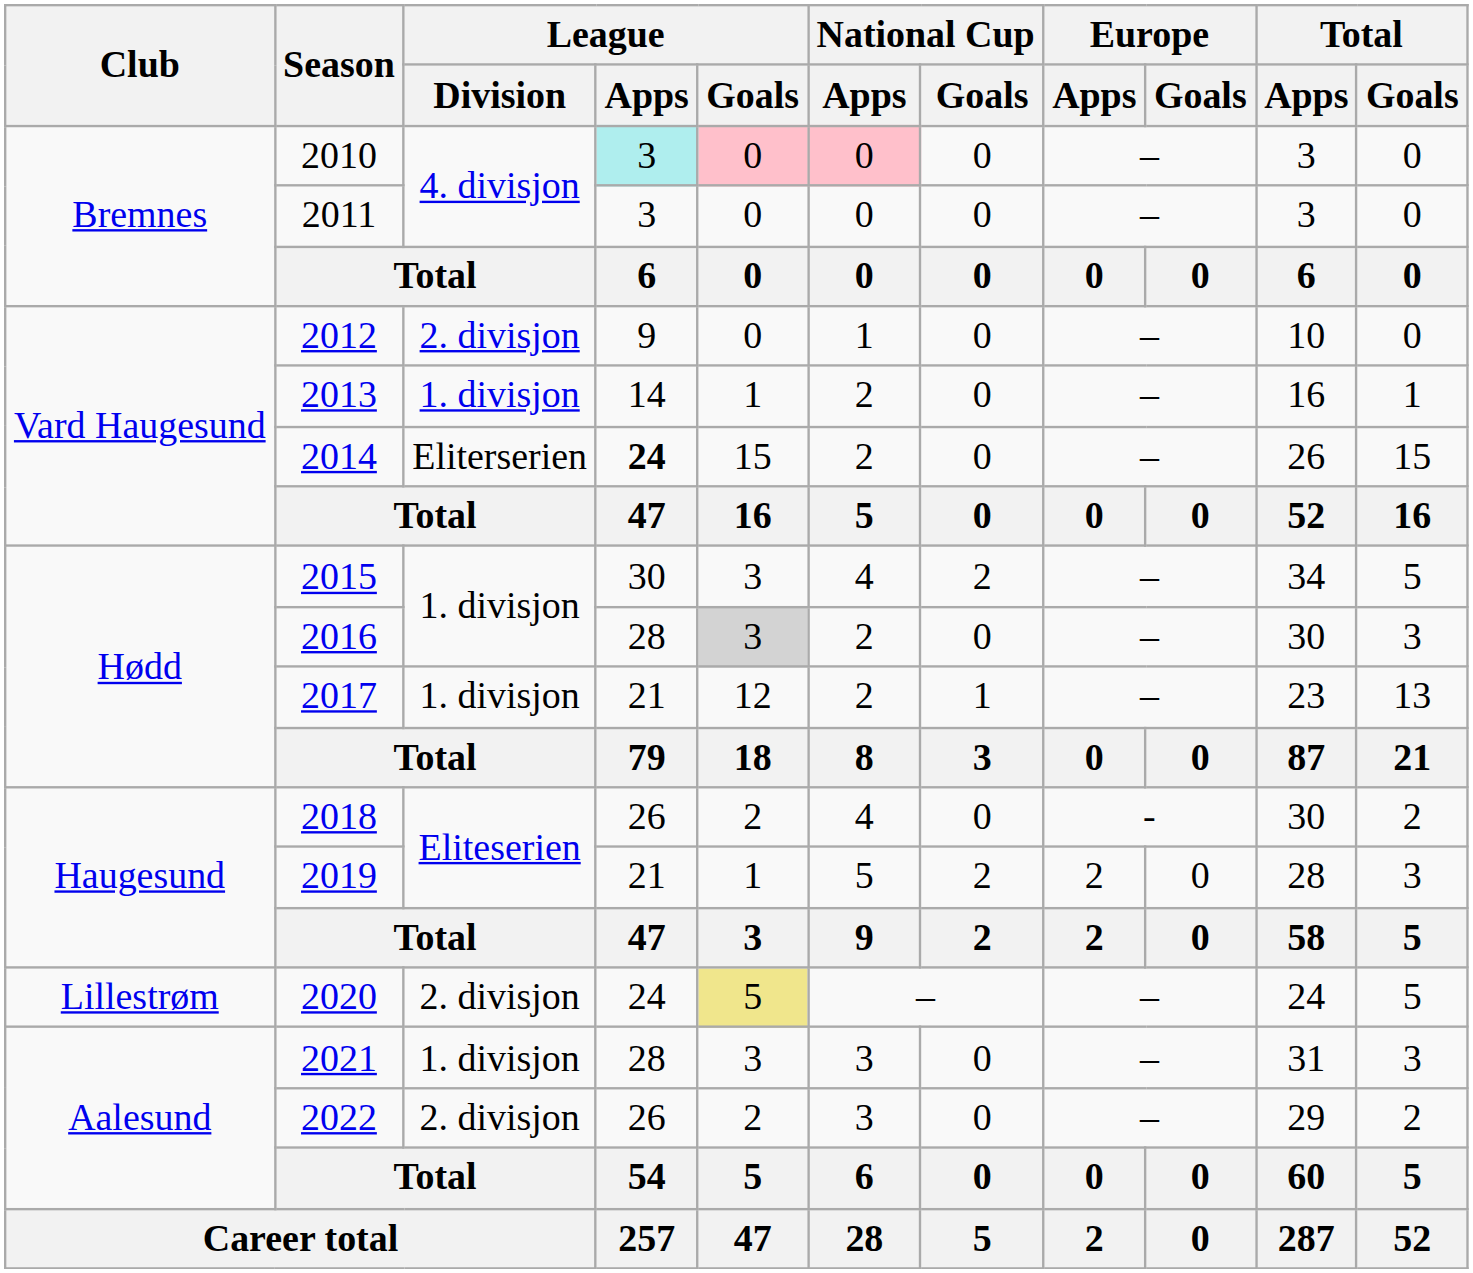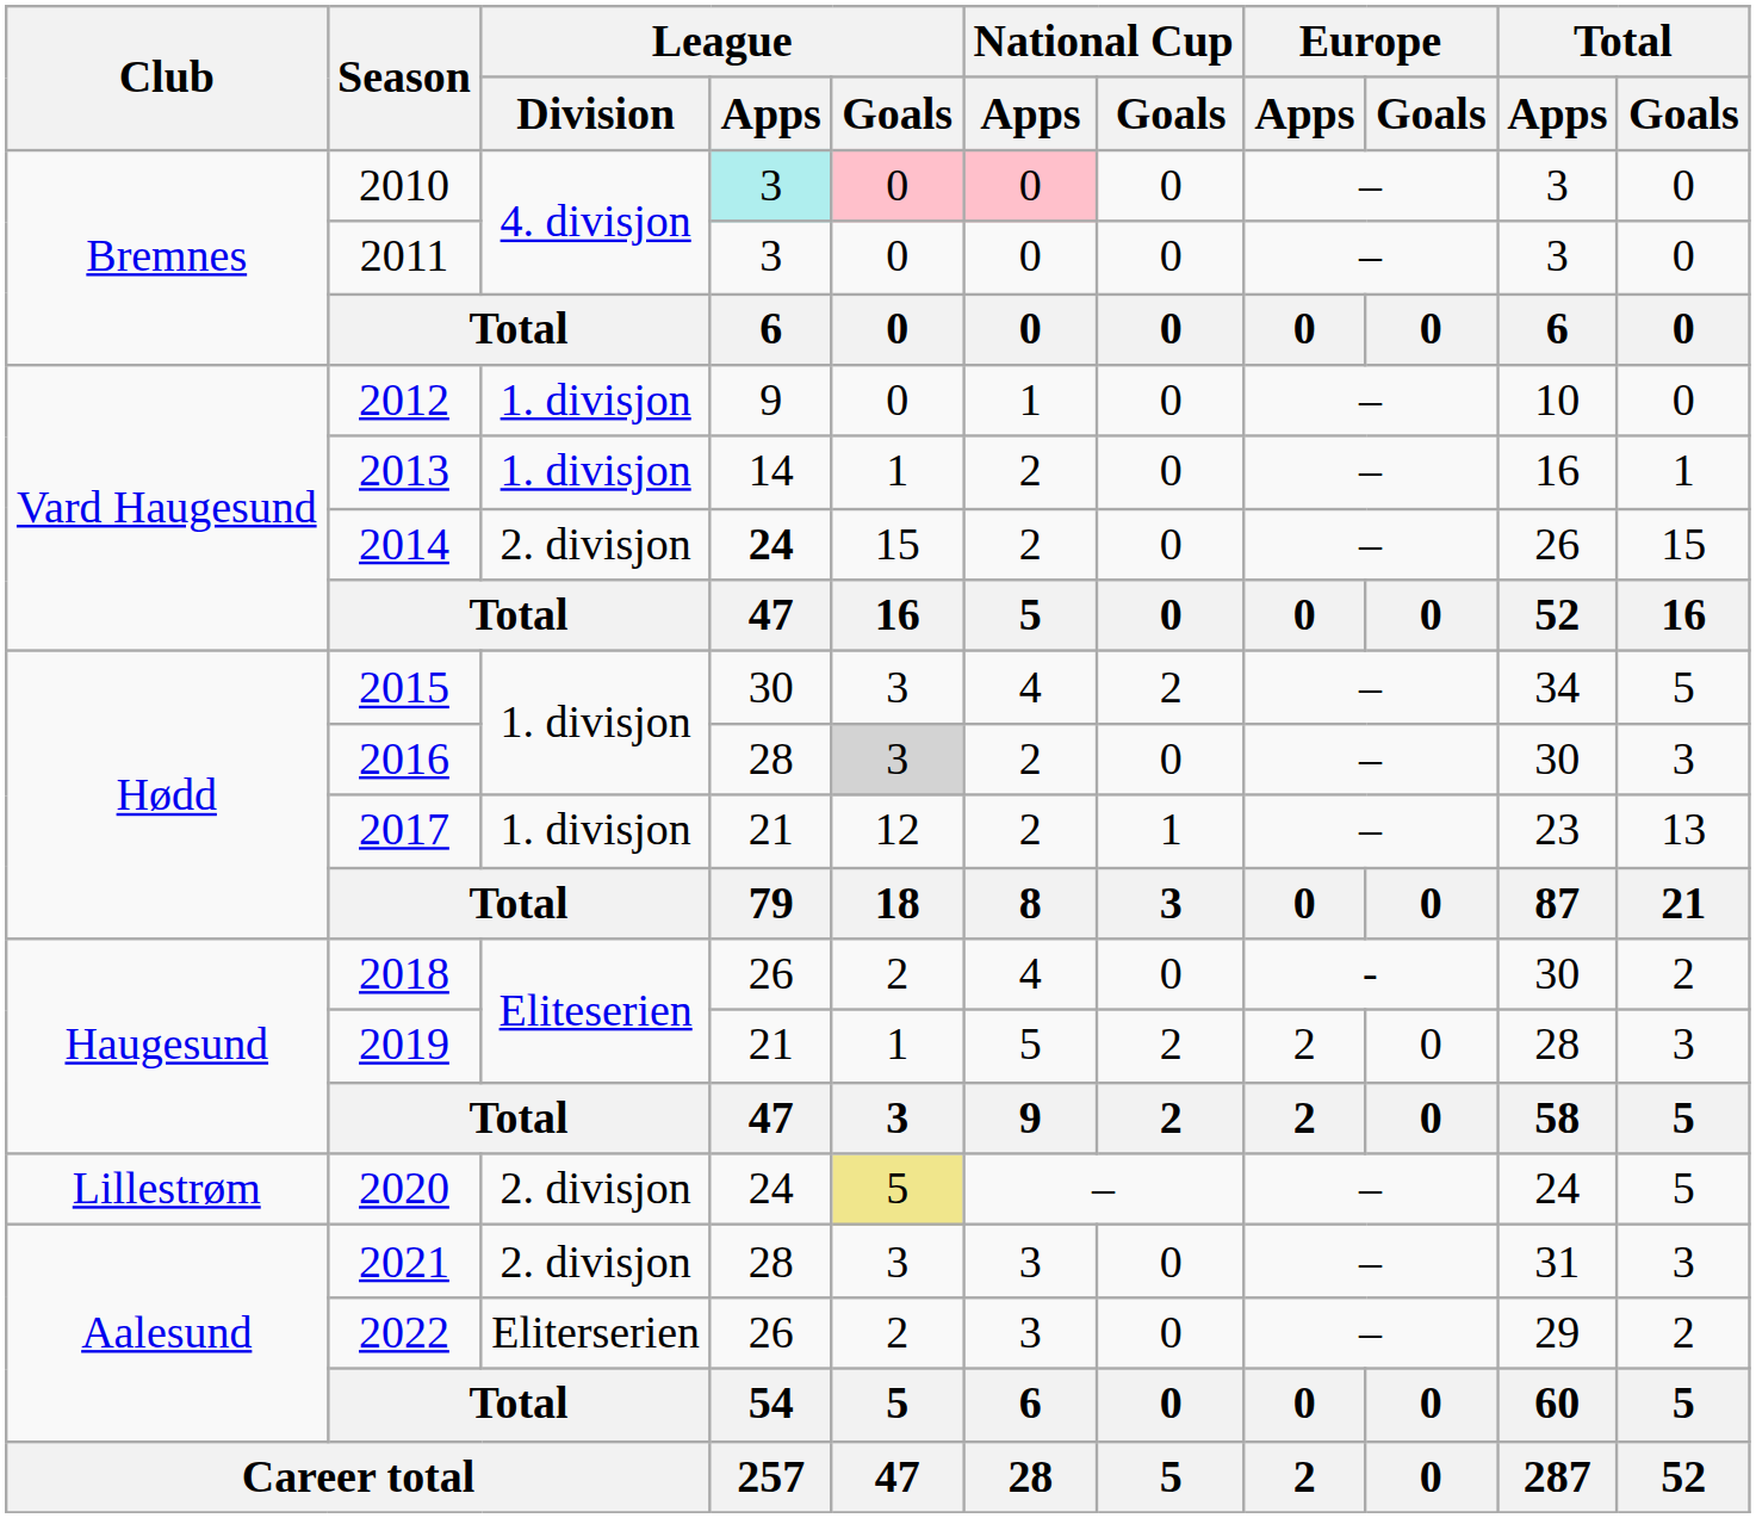 <table class="wikitable" style="text-align: center;">
 <tr>
 <th rowspan="2">Club</th>
 <th rowspan="2">Season</th>
 <th colspan="3">League</th>
 <th colspan="2">National Cup</th>
 <th colspan="2">Europe</th>
 <th colspan="2">Total</th>
 </tr>
 <tr>
 <th>Division</th>
 <th>Apps</th>
 <th>Goals</th>
 <th>Apps</th>
 <th>Goals</th>
 <th>Apps</th>
 <th>Goals</th>
 <th>Apps</th>
 <th>Goals</th>
 </tr>
 <tr>
 <td rowspan="3"><a href='#'>Bremnes</a></td>
 <td>2010</td>
 <td rowspan="2"><a href='#'>4. divisjon</a></td>
 <td style="background: paleturquoise;">3</td>
 <td style="background: pink;">0</td>
 <td style="background: pink;">0</td>
 <td>0</td>
 <td colspan="2">–</td>
 <td>3</td>
 <td>0</td>
 </tr>
 <tr>
 <td>2011</td>
 <td>3</td>
 <td>0</td>
 <td>0</td>
 <td>0</td>
 <td colspan="2">–</td>
 <td>3</td>
 <td>0</td>
 </tr>
 <tr>
 <th colspan="2">Total</th>
 <th>6</th>
 <th>0</th>
 <th>0</th>
 <th>0</th>
 <th>0</th>
 <th>0</th>
 <th>6</th>
 <th>0</th>
 </tr>
 <tr>
 <td rowspan="4"><a href='#'>Vard Haugesund</a></td>
 <td><a href='#'>2012</a></td>
-<td><a href='#'>2. divisjon</a></td>
+<td><a href='#'>1. divisjon</a></td>
 <td>9</td>
 <td>0</td>
 <td>1</td>
 <td>0</td>
 <td colspan="2">–</td>
 <td>10</td>
 <td>0</td>
 </tr>
 <tr>
 <td><a href='#'>2013</a></td>
 <td><a href='#'>1. divisjon</a></td>
 <td>14</td>
 <td>1</td>
 <td>2</td>
 <td>0</td>
 <td colspan="2">–</td>
 <td>16</td>
 <td>1</td>
 </tr>
 <tr>
 <td><a href='#'>2014</a></td>
-<td>Eliterserien</td>
+<td>2. divisjon</td>
 <td><strong>24</strong></td>
 <td>15</td>
 <td>2</td>
 <td>0</td>
 <td colspan="2">–</td>
 <td>26</td>
 <td>15</td>
 </tr>
 <tr>
 <th colspan="2">Total</th>
 <th>47</th>
 <th>16</th>
 <th>5</th>
 <th>0</th>
 <th>0</th>
 <th>0</th>
 <th>52</th>
 <th>16</th>
 </tr>
 <tr>
 <td rowspan="4"><a href='#'>Hødd</a></td>
 <td><a href='#'>2015</a></td>
 <td rowspan="2">1. divisjon</td>
 <td>30</td>
 <td>3</td>
 <td>4</td>
 <td>2</td>
 <td colspan="2">–</td>
 <td>34</td>
 <td>5</td>
 </tr>
 <tr>
 <td><a href='#'>2016</a></td>
 <td>28</td>
 <td style="background: lightgrey;">3</td>
 <td>2</td>
 <td>0</td>
 <td colspan="2">–</td>
 <td>30</td>
 <td>3</td>
 </tr>
 <tr>
 <td><a href='#'>2017</a></td>
 <td>1. divisjon</td>
 <td>21</td>
 <td>12</td>
 <td>2</td>
 <td>1</td>
 <td colspan="2">–</td>
 <td>23</td>
 <td>13</td>
 </tr>
 <tr>
 <th colspan="2">Total</th>
 <th>79</th>
 <th>18</th>
 <th>8</th>
 <th>3</th>
 <th>0</th>
 <th>0</th>
 <th>87</th>
 <th>21</th>
 </tr>
 <tr>
 <td rowspan="3"><a href='#'>Haugesund</a></td>
 <td><a href='#'>2018</a></td>
 <td rowspan="2"><a href='#'>Eliteserien</a></td>
 <td>26</td>
 <td>2</td>
 <td>4</td>
 <td>0</td>
 <td colspan="2">-</td>
 <td>30</td>
 <td>2</td>
 </tr>
 <tr>
 <td><a href='#'>2019</a></td>
 <td>21</td>
 <td>1</td>
 <td>5</td>
 <td>2</td>
 <td>2</td>
 <td>0</td>
 <td>28</td>
 <td>3</td>
 </tr>
 <tr>
 <th colspan="2">Total</th>
 <th>47</th>
 <th>3</th>
 <th>9</th>
 <th>2</th>
 <th>2</th>
 <th>0</th>
 <th>58</th>
 <th>5</th>
 </tr>
 <tr>
 <td><a href='#'>Lillestrøm</a></td>
 <td><a href='#'>2020</a></td>
 <td>2. divisjon</td>
 <td>24</td>
 <td style="background: khaki;">5</td>
 <td colspan="2">–</td>
 <td colspan="2">–</td>
 <td>24</td>
 <td>5</td>
 </tr>
 <tr>
 <td rowspan="3"><a href='#'>Aalesund</a></td>
 <td><a href='#'>2021</a></td>
-<td>1. divisjon</td>
+<td>2. divisjon</td>
 <td>28</td>
 <td>3</td>
 <td>3</td>
 <td>0</td>
 <td colspan="2">–</td>
 <td>31</td>
 <td>3</td>
 </tr>
 <tr>
 <td><a href='#'>2022</a></td>
-<td>2. divisjon</td>
+<td>Eliterserien</td>
 <td>26</td>
 <td>2</td>
 <td>3</td>
 <td>0</td>
 <td colspan="2">–</td>
 <td>29</td>
 <td>2</td>
 </tr>
 <tr>
 <th colspan="2">Total</th>
 <th>54</th>
 <th>5</th>
 <th>6</th>
 <th>0</th>
 <th>0</th>
 <th>0</th>
 <th>60</th>
 <th>5</th>
 </tr>
 <tr>
 <th colspan="3">Career total</th>
 <th>257</th>
 <th>47</th>
 <th>28</th>
 <th>5</th>
 <th>2</th>
 <th>0</th>
 <th>287</th>
 <th>52</th>
 </tr>
 </table>
